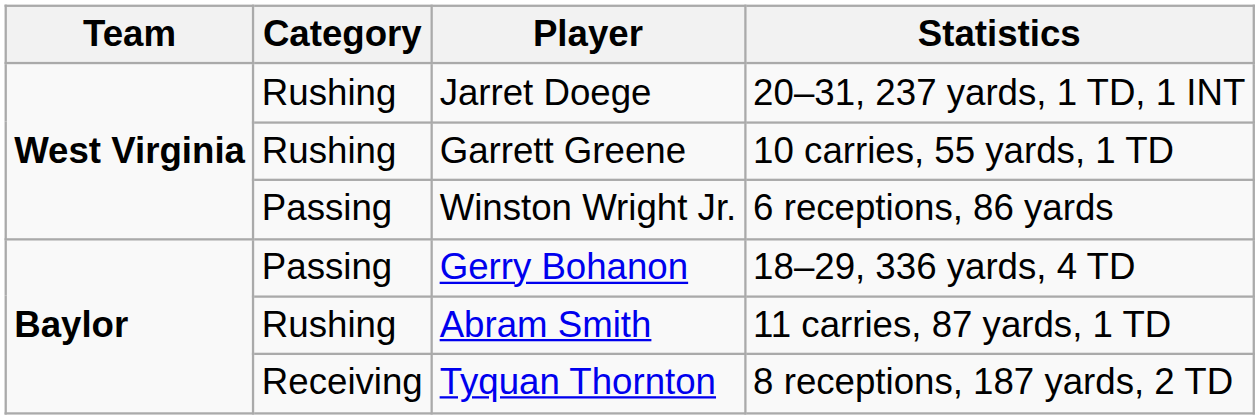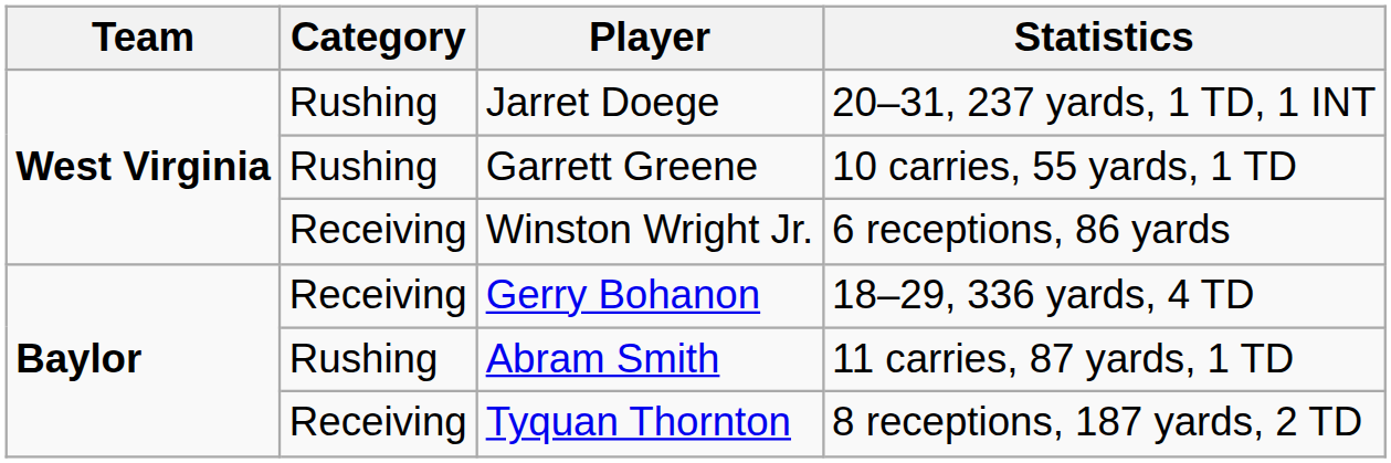 <table class="wikitable" style="float: right;">
 <tr>
 <th>Team</th>
 <th>Category</th>
 <th>Player</th>
 <th>Statistics</th>
 </tr>
 <tr>
 <td rowspan=3><strong>West Virginia</strong></td>
 <td>Rushing</td>
 <td>Jarret Doege</td>
 <td>20–31, 237 yards, 1 TD, 1 INT</td>
 </tr>
 <tr>
 <td>Rushing</td>
 <td>Garrett Greene</td>
 <td>10 carries, 55 yards, 1 TD</td>
 </tr>
 <tr>
-<td>Passing</td>
+<td>Receiving</td>
 <td>Winston Wright Jr.</td>
 <td>6 receptions, 86 yards</td>
 </tr>
 <tr>
 <td rowspan=3><strong>Baylor</strong></td>
-<td>Passing</td>
+<td>Receiving</td>
 <td><a href='#'>Gerry Bohanon</a></td>
 <td>18–29, 336 yards, 4 TD</td>
 </tr>
 <tr>
 <td>Rushing</td>
 <td><a href='#'>Abram Smith</a></td>
 <td>11 carries, 87 yards, 1 TD</td>
 </tr>
 <tr>
 <td>Receiving</td>
 <td><a href='#'>Tyquan Thornton</a></td>
 <td>8 receptions, 187 yards, 2 TD</td>
 </tr>
 </table>
